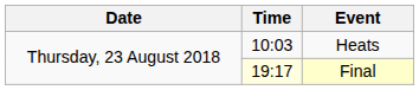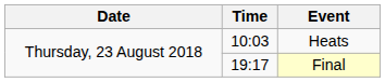 <table class = "wikitable" style="text-align:center;">
 <tr>
 <th width=220>Date</th>
 <th width=50>Time</th>
 <th width=100>Event</th>
 </tr>
 <tr>
 <td rowspan=2>Thursday, 23 August 2018</td>
 <td>10:03</td>
 <td>Heats</td>
 </tr>
 <tr>
-<td style="background: lightyellow;">19:17</td>
+<td>19:17</td>
 <td bgcolor=ffffcc>Final</td>
 </tr>
 </table>
